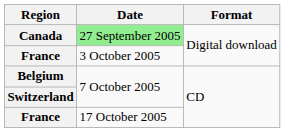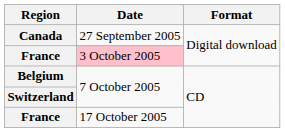 <table class="wikitable plainrowheaders">
 <tr>
 <th scope="col">Region</th>
 <th scope="col">Date</th>
 <th scope="col">Format</th>
 </tr>
 <tr>
 <th scope="row">Canada</th>
-<td style="background: lightgreen;">27 September 2005</td>
+<td>27 September 2005</td>
 <td rowspan="2">Digital download</td>
 </tr>
 <tr>
 <th scope="row">France</th>
-<td>3 October 2005</td>
+<td style="background: pink;">3 October 2005</td>
 </tr>
 <tr>
 <th scope="row">Belgium</th>
 <td rowspan="2">7 October 2005</td>
 <td rowspan="3">CD</td>
 </tr>
 <tr>
 <th scope="row">Switzerland</th>
 </tr>
 <tr>
 <th scope="row">France</th>
 <td>17 October 2005</td>
 </tr>
 </table>
